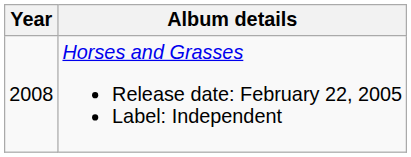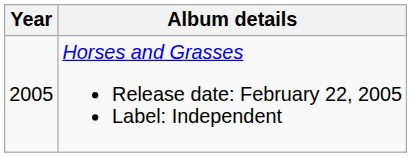 <table class="wikitable">
 <tr>
 <th>Year</th>
 <th>Album details</th>
 </tr>
 <tr>
-<td>2008</td>
+<td>2005</td>
 <td><em><a href='#'>Horses and Grasses</a></em><br><ul><li>Release date: February 22, 2005</li><li>Label: Independent</li></ul></td>
 </tr>
 </table>
